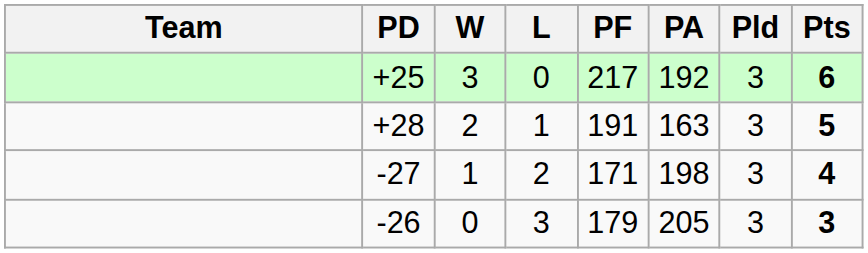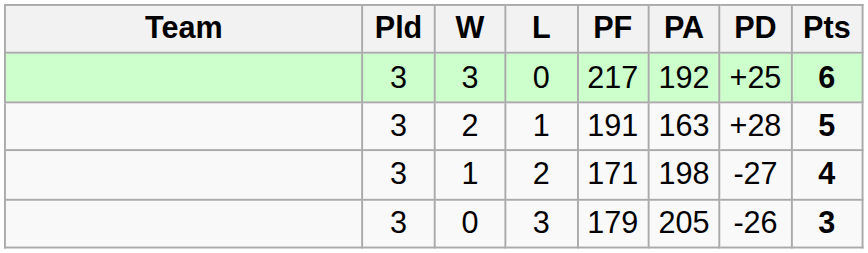 <table class=wikitable style="text-align:center">
 <tr>
 <th width=180>Team</th>
-<th width=30>PD</th>
+<th width=30>Pld</th>
 <th width=30>W</th>
 <th width=30>L</th>
 <th width=30>PF</th>
 <th width=30>PA</th>
-<th width=30>Pld</th>
+<th width=30>PD</th>
 <th width=30>Pts</th>
 </tr>
 <tr align=center bgcolor="#ccffcc">
 <td align=left></td>
-<td>+25</td>
+<td>3</td>
 <td>3</td>
 <td>0</td>
 <td>217</td>
 <td>192</td>
-<td>3</td>
+<td>+25</td>
 <td><strong>6</strong></td>
 </tr>
 <tr align=center bgcolor=>
 <td align=left></td>
-<td>+28</td>
+<td>3</td>
 <td>2</td>
 <td>1</td>
 <td>191</td>
 <td>163</td>
-<td>3</td>
+<td>+28</td>
 <td><strong>5</strong></td>
 </tr>
 <tr align=center bgcolor=>
 <td align=left></td>
-<td>-27</td>
+<td>3</td>
 <td>1</td>
 <td>2</td>
 <td>171</td>
 <td>198</td>
-<td>3</td>
+<td>-27</td>
 <td><strong>4</strong></td>
 </tr>
 <tr align=center bgcolor=>
 <td align=left></td>
-<td>-26</td>
+<td>3</td>
 <td>0</td>
 <td>3</td>
 <td>179</td>
 <td>205</td>
-<td>3</td>
+<td>-26</td>
 <td><strong>3</strong></td>
 </tr>
 </table>
